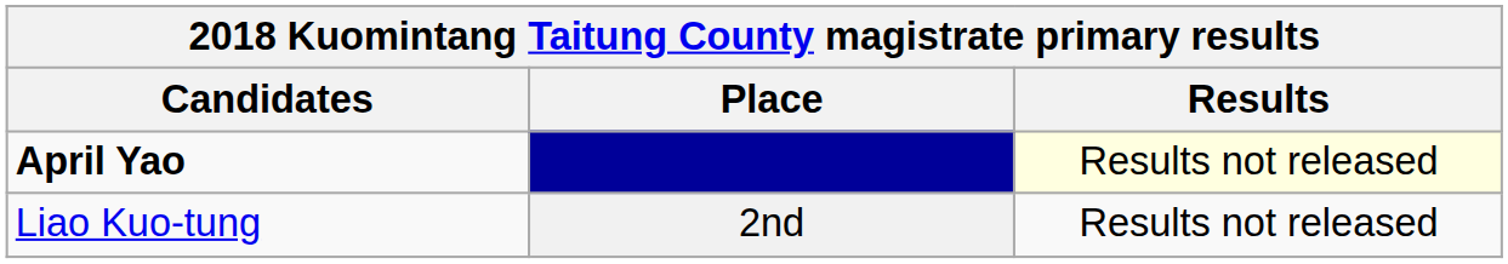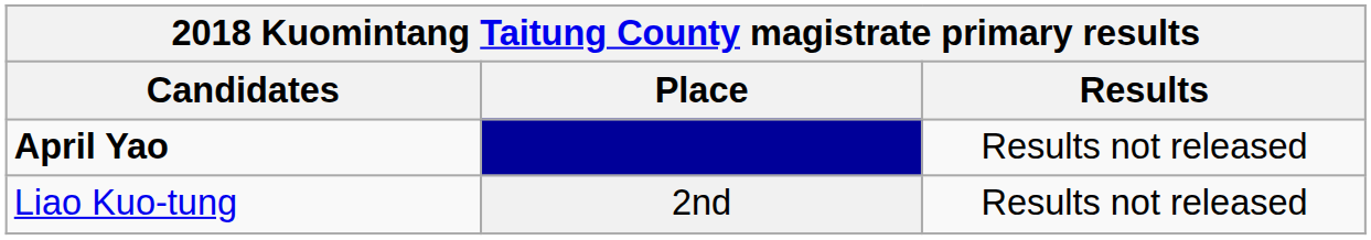 <table class="wikitable collapsible" style="margin:1em auto;">
 <tr>
 <th colspan="5" width=600>2018 Kuomintang <a href='#'>Taitung County</a> magistrate primary results</th>
 </tr>
 <tr>
 <th width=80>Candidates</th>
 <th width=80>Place</th>
 <th width=80>Results</th>
 </tr>
 <tr>
 <td><strong>April Yao</strong></td>
 <td style="background: #000099; text-align:center"><strong></strong></td>
-<td style="background: lightyellow; text-align:center">Results not released</td>
+<td style="text-align:center">Results not released</td>
 </tr>
 <tr>
 <td><a href='#'>Liao Kuo-tung</a></td>
 <td style="background: #f1f1f1; text-align:center">2nd</td>
 <td style="text-align:center">Results not released</td>
 </tr>
 </table>
